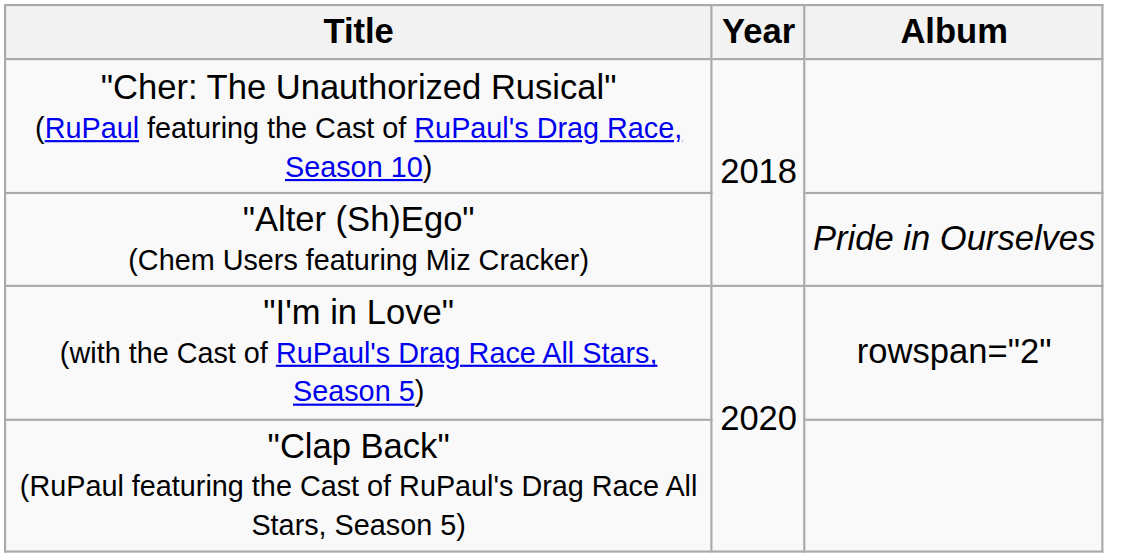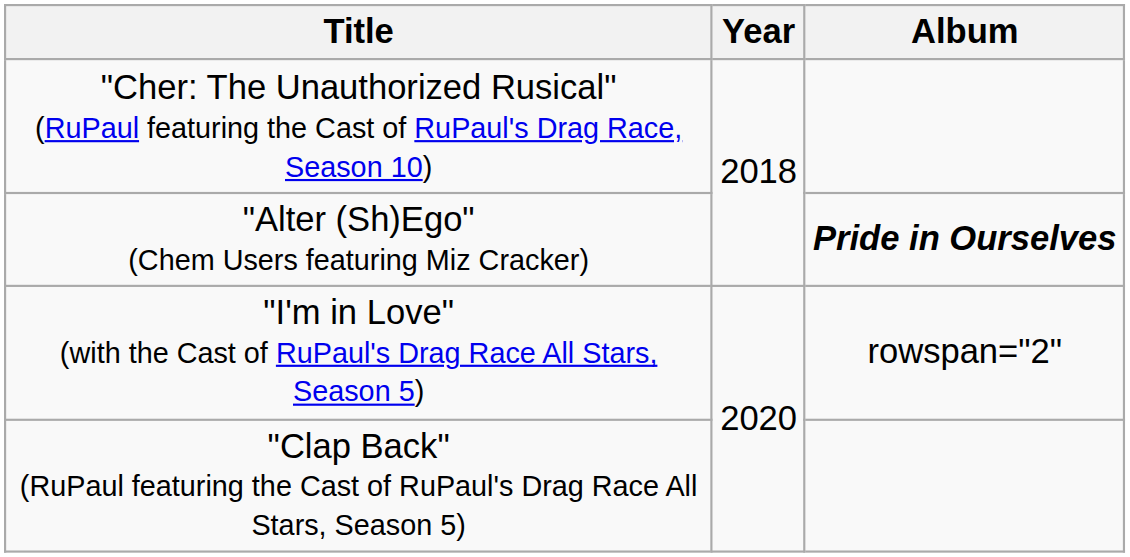 <table class="wikitable plainrowheaders" style="text-align:center;">
 <tr>
 <th style="width:20em;">Title</th>
 <th>Year</th>
 <th>Album</th>
 </tr>
 <tr>
 <td>"Cher: The Unauthorized Rusical"<br><small>(<a href='#'>RuPaul</a> featuring the Cast of <a href='#'>RuPaul's Drag Race, Season 10</a>)</small></td>
 <td rowspan="2">2018</td>
 <td></td>
 </tr>
 <tr>
 <td>"Alter (Sh)Ego"<br><small>(Chem Users featuring Miz Cracker)</small></td>
-<td><em>Pride in Ourselves</em></td>
+<td><strong><em>Pride in Ourselves</em></strong></td>
 </tr>
 <tr>
 <td>"I'm in Love"<br><small>(with the Cast of <a href='#'>RuPaul's Drag Race All Stars, Season 5</a>)</small></td>
 <td rowspan="2">2020</td>
 <td>rowspan="2" </td>
 </tr>
 <tr>
 <td>"Clap Back"<br><small>(RuPaul featuring the Cast of RuPaul's Drag Race All Stars, Season 5)</small></td>
 </tr>
 </table>
